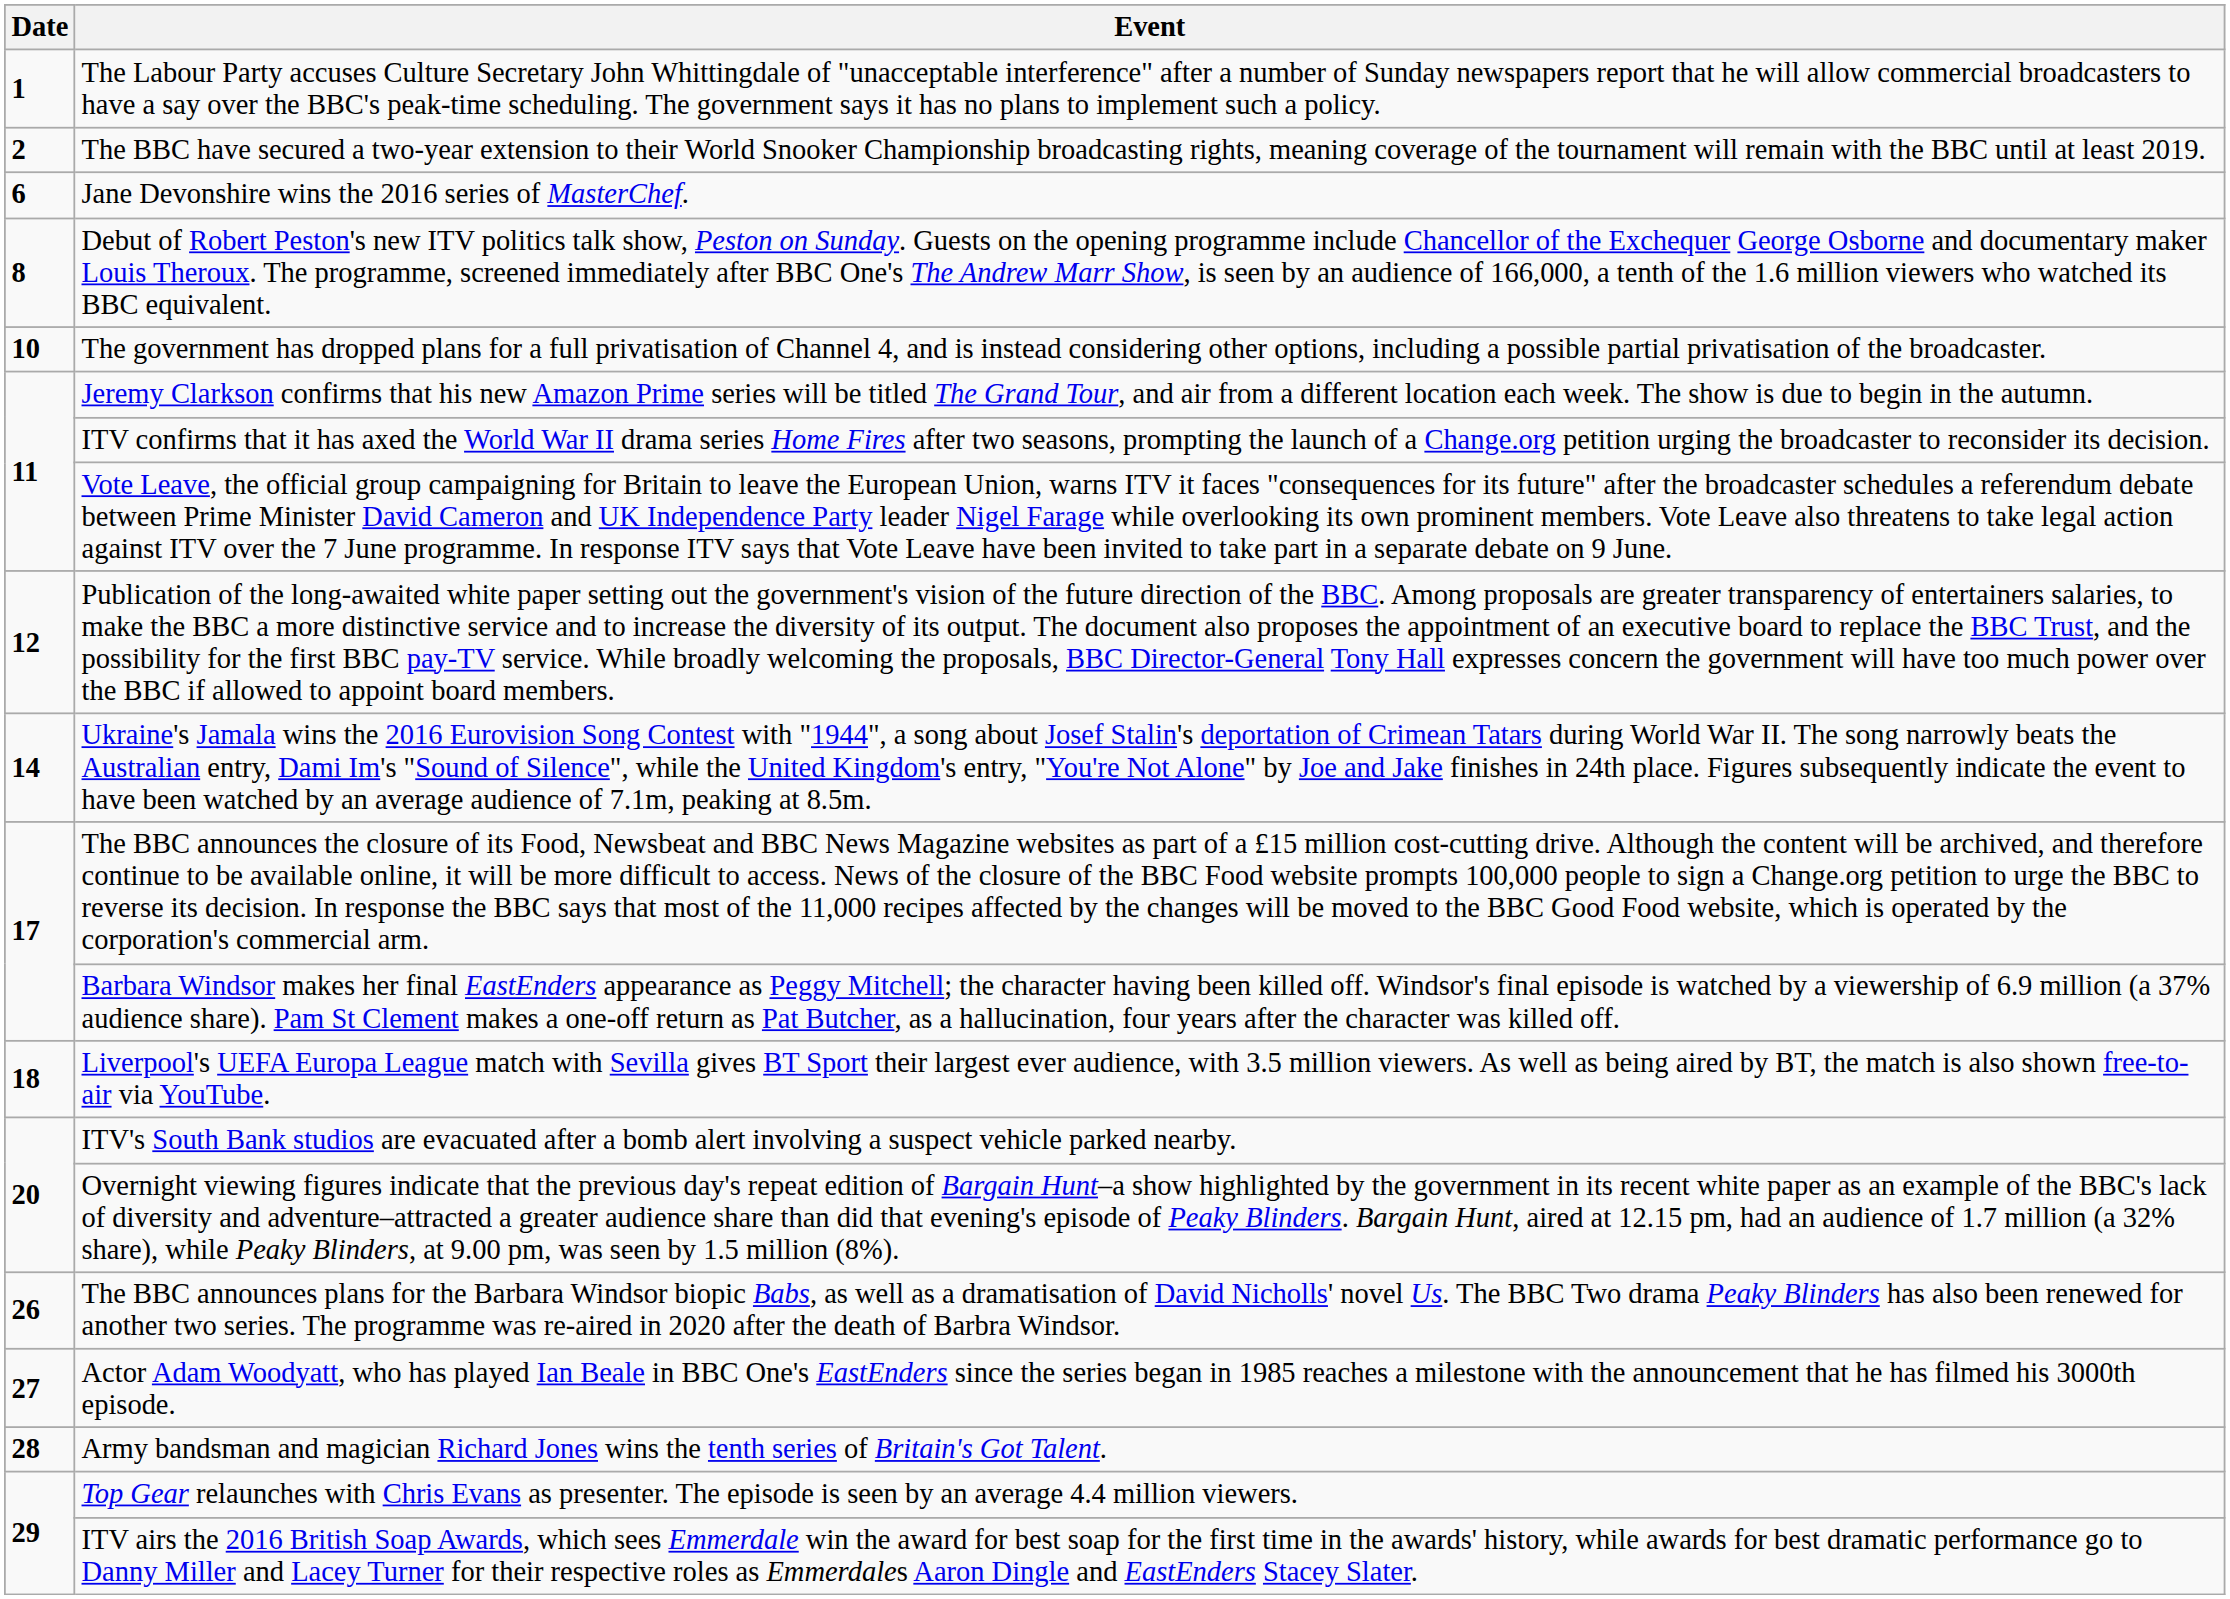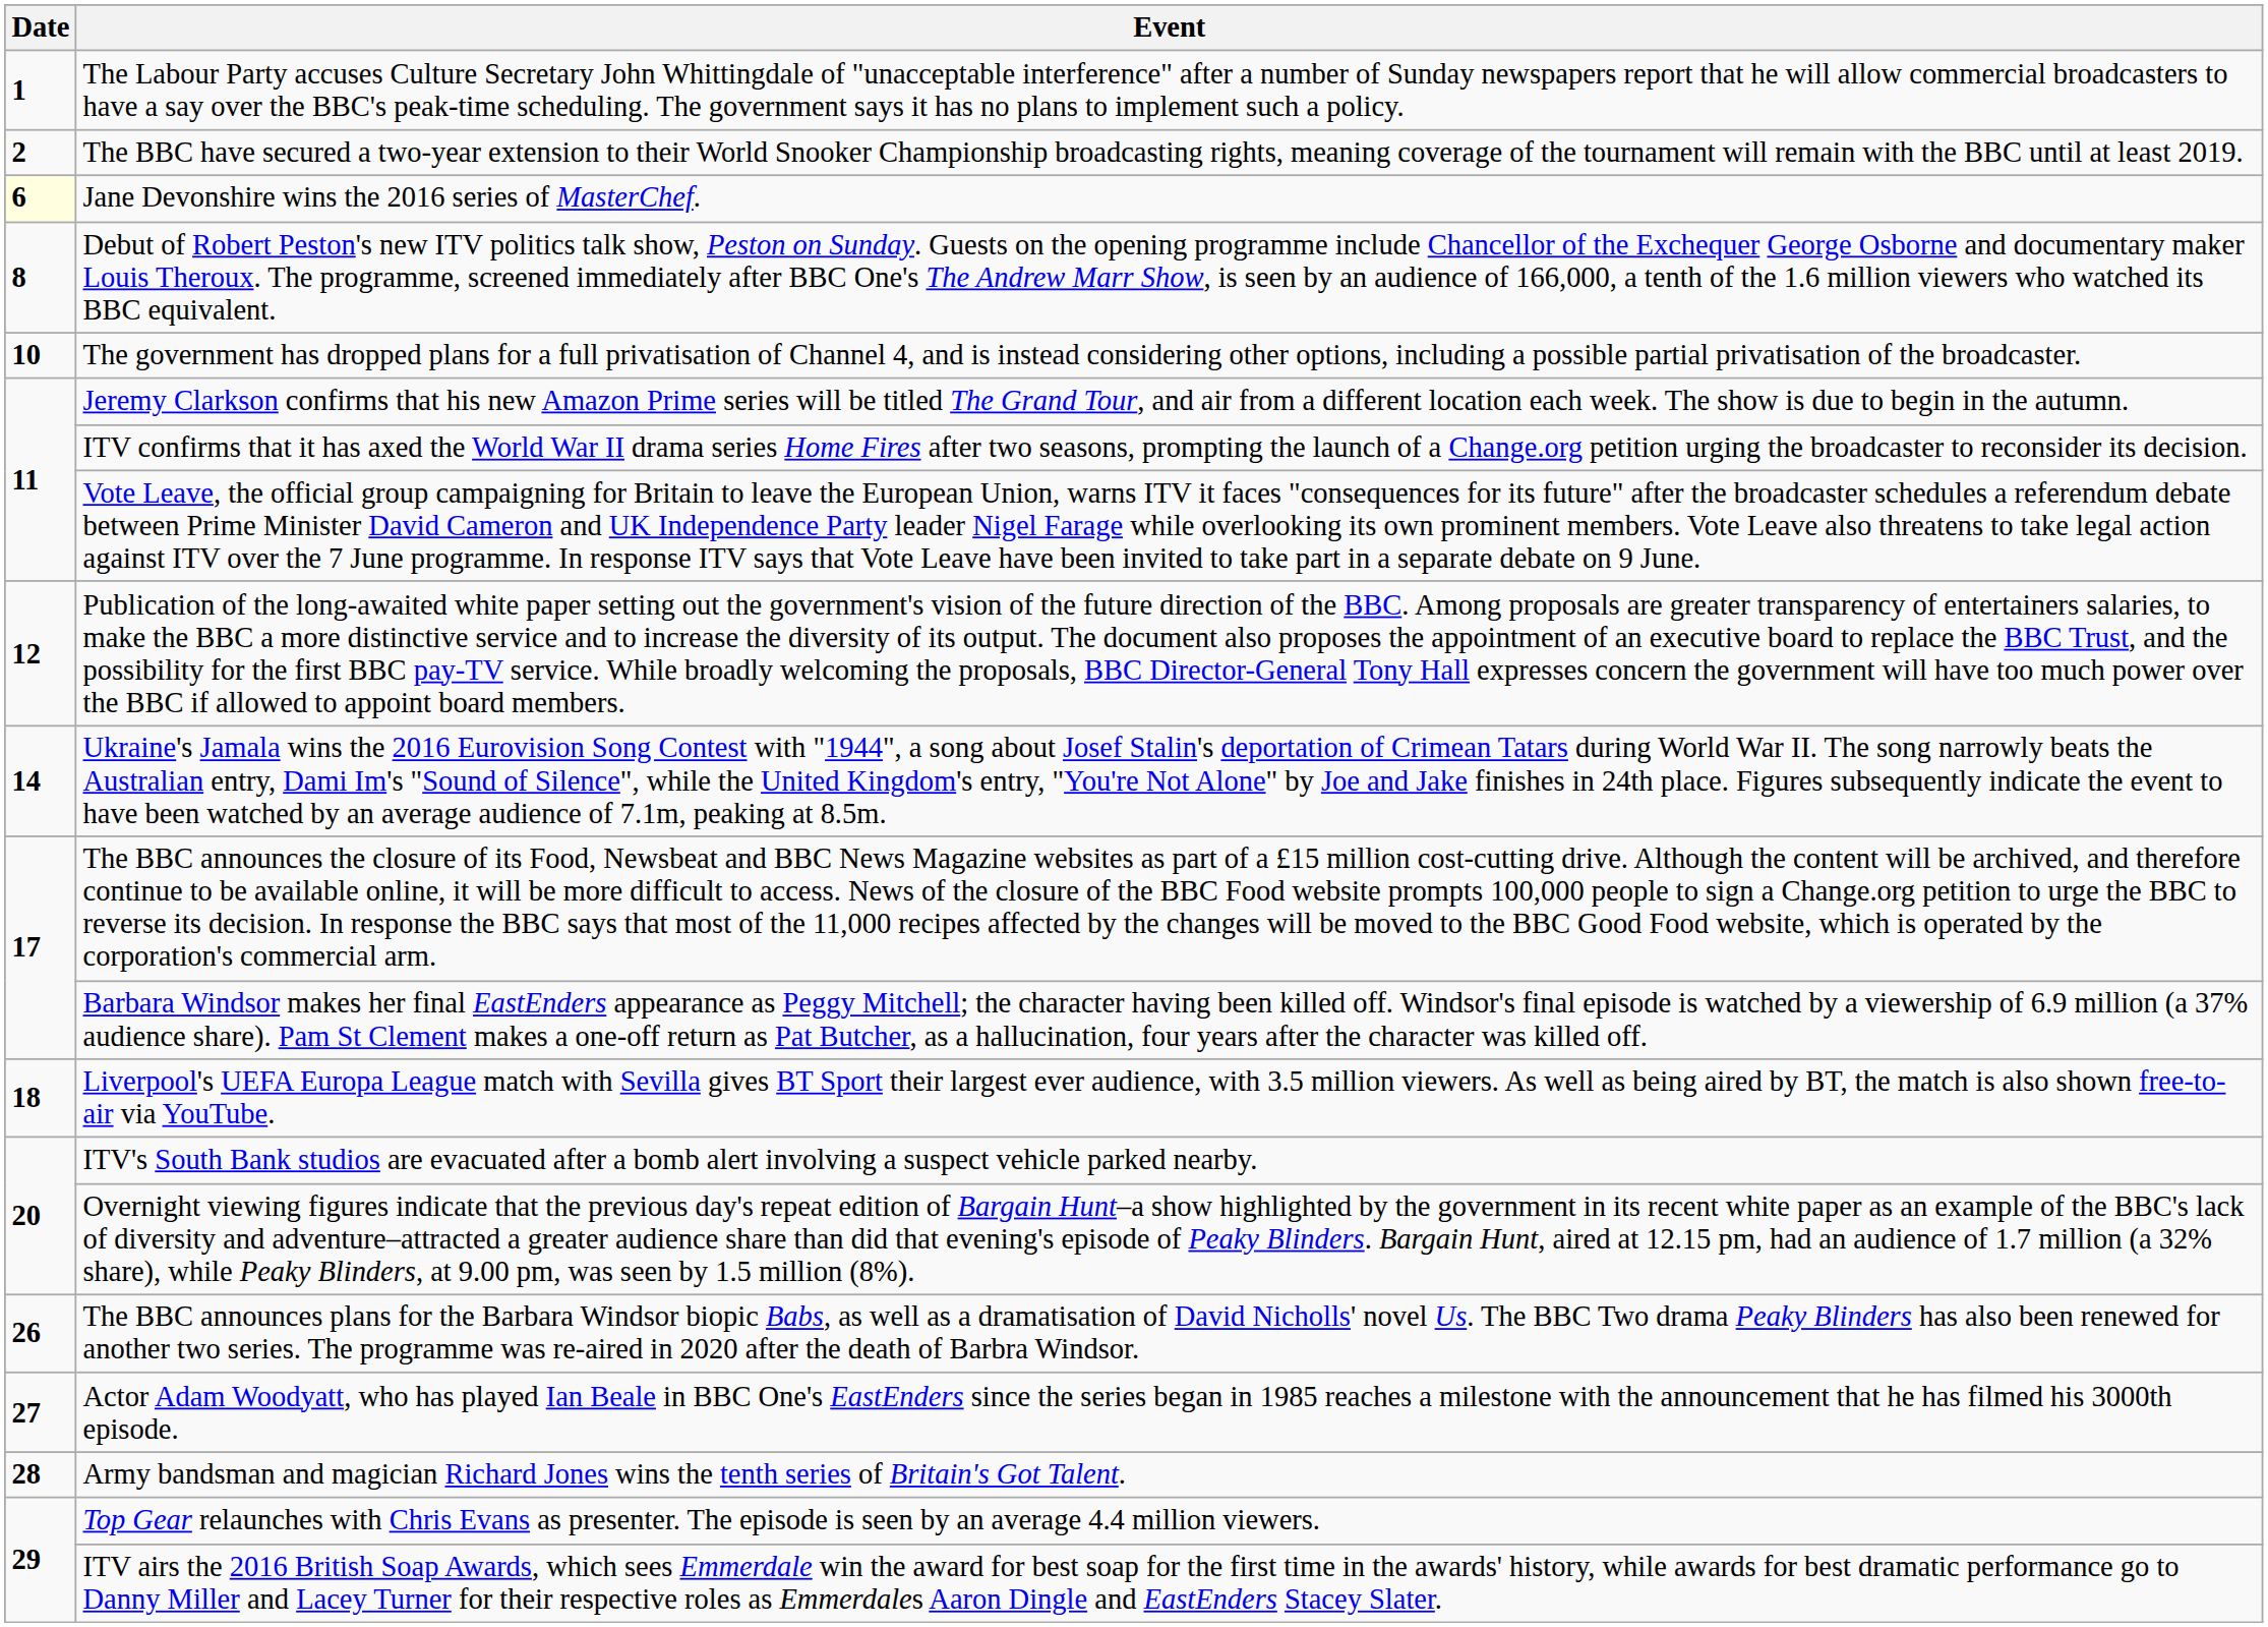 <table class="wikitable">
 <tr>
 <th>Date</th>
 <th>Event</th>
 </tr>
 <tr>
 <td><strong>1</strong></td>
 <td>The Labour Party accuses Culture Secretary John Whittingdale of "unacceptable interference" after a number of Sunday newspapers report that he will allow commercial broadcasters to have a say over the BBC's peak-time scheduling. The government says it has no plans to implement such a policy.</td>
 </tr>
 <tr>
 <td><strong>2</strong></td>
 <td>The BBC have secured a two-year extension to their World Snooker Championship broadcasting rights, meaning coverage of the tournament will remain with the BBC until at least 2019.</td>
 </tr>
 <tr>
-<td><strong>6</strong></td>
+<td style="background: lightyellow;"><strong>6</strong></td>
 <td>Jane Devonshire wins the 2016 series of <em><a href='#'>MasterChef</a></em>.</td>
 </tr>
 <tr>
 <td><strong>8</strong></td>
 <td>Debut of <a href='#'>Robert Peston</a>'s new ITV politics talk show, <em><a href='#'>Peston on Sunday</a></em>. Guests on the opening programme include <a href='#'>Chancellor of the Exchequer</a> <a href='#'>George Osborne</a> and documentary maker <a href='#'>Louis Theroux</a>. The programme, screened immediately after BBC One's <em><a href='#'>The Andrew Marr Show</a></em>, is seen by an audience of 166,000, a tenth of the 1.6 million viewers who watched its BBC equivalent.</td>
 </tr>
 <tr>
 <td><strong>10</strong></td>
 <td>The government has dropped plans for a full privatisation of Channel 4, and is instead considering other options, including a possible partial privatisation of the broadcaster.</td>
 </tr>
 <tr>
 <td rowspan=3><strong>11</strong></td>
 <td><a href='#'>Jeremy Clarkson</a> confirms that his new <a href='#'>Amazon Prime</a> series will be titled <em><a href='#'>The Grand Tour</a></em>, and air from a different location each week. The show is due to begin in the autumn.</td>
 </tr>
 <tr>
 <td>ITV confirms that it has axed the <a href='#'>World War II</a> drama series <em><a href='#'>Home Fires</a></em> after two seasons, prompting the launch of a <a href='#'>Change.org</a> petition urging the broadcaster to reconsider its decision.</td>
 </tr>
 <tr>
 <td><a href='#'>Vote Leave</a>, the official group campaigning for Britain to leave the European Union, warns ITV it faces "consequences for its future" after the broadcaster schedules a referendum debate between Prime Minister <a href='#'>David Cameron</a> and <a href='#'>UK Independence Party</a> leader <a href='#'>Nigel Farage</a> while overlooking its own prominent members. Vote Leave also threatens to take legal action against ITV over the 7 June programme. In response ITV says that Vote Leave have been invited to take part in a separate debate on 9 June.</td>
 </tr>
 <tr>
 <td><strong>12</strong></td>
 <td>Publication of the long-awaited white paper setting out the government's vision of the future direction of the <a href='#'>BBC</a>. Among proposals are greater transparency of entertainers salaries, to make the BBC a more distinctive service and to increase the diversity of its output. The document also proposes the appointment of an executive board to replace the <a href='#'>BBC Trust</a>, and the possibility for the first BBC <a href='#'>pay-TV</a> service. While broadly welcoming the proposals, <a href='#'>BBC Director-General</a> <a href='#'>Tony Hall</a> expresses concern the government will have too much power over the BBC if allowed to appoint board members.</td>
 </tr>
 <tr>
 <td><strong>14</strong></td>
 <td><a href='#'>Ukraine</a>'s <a href='#'>Jamala</a> wins the <a href='#'>2016 Eurovision Song Contest</a> with "<a href='#'>1944</a>", a song about <a href='#'>Josef Stalin</a>'s <a href='#'>deportation of Crimean Tatars</a> during World War II. The song narrowly beats the <a href='#'>Australian</a> entry, <a href='#'>Dami Im</a>'s "<a href='#'>Sound of Silence</a>", while the <a href='#'>United Kingdom</a>'s entry, "<a href='#'>You're Not Alone</a>" by <a href='#'>Joe and Jake</a> finishes in 24th place. Figures subsequently indicate the event to have been watched by an average audience of 7.1m, peaking at 8.5m.</td>
 </tr>
 <tr>
 <td rowspan=2><strong>17</strong></td>
 <td>The BBC announces the closure of its Food, Newsbeat and BBC News Magazine websites as part of a £15 million cost-cutting drive. Although the content will be archived, and therefore continue to be available online, it will be more difficult to access. News of the closure of the BBC Food website prompts 100,000 people to sign a Change.org petition to urge the BBC to reverse its decision. In response the BBC says that most of the 11,000 recipes affected by the changes will be moved to the BBC Good Food website, which is operated by the corporation's commercial arm.</td>
 </tr>
 <tr>
 <td><a href='#'>Barbara Windsor</a> makes her final <em><a href='#'>EastEnders</a></em> appearance as <a href='#'>Peggy Mitchell</a>; the character having been killed off. Windsor's final episode is watched by a viewership of 6.9 million (a 37% audience share). <a href='#'>Pam St Clement</a> makes a one-off return as <a href='#'>Pat Butcher</a>, as a hallucination, four years after the character was killed off.</td>
 </tr>
 <tr>
 <td><strong>18</strong></td>
 <td><a href='#'>Liverpool</a>'s <a href='#'>UEFA Europa League</a> match with <a href='#'>Sevilla</a> gives <a href='#'>BT Sport</a> their largest ever audience, with 3.5 million viewers. As well as being aired by BT, the match is also shown <a href='#'>free-to-air</a> via <a href='#'>YouTube</a>.</td>
 </tr>
 <tr>
 <td rowspan=2><strong>20</strong></td>
 <td>ITV's <a href='#'>South Bank studios</a> are evacuated after a bomb alert involving a suspect vehicle parked nearby.</td>
 </tr>
 <tr>
 <td>Overnight viewing figures indicate that the previous day's repeat edition of <em><a href='#'>Bargain Hunt</a></em>–a show highlighted by the government in its recent white paper as an example of the BBC's lack of diversity and adventure–attracted a greater audience share than did that evening's episode of <em><a href='#'>Peaky Blinders</a></em>. <em>Bargain Hunt</em>, aired at 12.15 pm, had an audience of 1.7 million (a 32% share), while <em>Peaky Blinders</em>, at 9.00 pm, was seen by 1.5 million (8%).</td>
 </tr>
 <tr>
 <td><strong>26</strong></td>
 <td>The BBC announces plans for the Barbara Windsor biopic <em><a href='#'>Babs</a></em>, as well as a dramatisation of <a href='#'>David Nicholls</a>' novel <em><a href='#'>Us</a></em>. The BBC Two drama <em><a href='#'>Peaky Blinders</a></em> has also been renewed for another two series. The programme was re-aired in 2020 after the death of Barbra Windsor.</td>
 </tr>
 <tr>
 <td><strong>27</strong></td>
 <td>Actor <a href='#'>Adam Woodyatt</a>, who has played <a href='#'>Ian Beale</a> in BBC One's <em><a href='#'>EastEnders</a></em> since the series began in 1985 reaches a milestone with the announcement that he has filmed his 3000th episode.</td>
 </tr>
 <tr>
 <td><strong>28</strong></td>
 <td>Army bandsman and magician <a href='#'>Richard Jones</a> wins the <a href='#'>tenth series</a> of <em><a href='#'>Britain's Got Talent</a></em>.</td>
 </tr>
 <tr>
 <td rowspan=2><strong>29</strong></td>
 <td><em><a href='#'>Top Gear</a></em> relaunches with <a href='#'>Chris Evans</a> as presenter. The episode is seen by an average 4.4 million viewers.</td>
 </tr>
 <tr>
 <td>ITV airs the <a href='#'>2016 British Soap Awards</a>, which sees <em><a href='#'>Emmerdale</a></em> win the award for best soap for the first time in the awards' history, while awards for best dramatic performance go to <a href='#'>Danny Miller</a> and <a href='#'>Lacey Turner</a> for their respective roles as <em>Emmerdale</em>s <a href='#'>Aaron Dingle</a> and <em><a href='#'>EastEnders</a></em> <a href='#'>Stacey Slater</a>.</td>
 </tr>
 </table>
